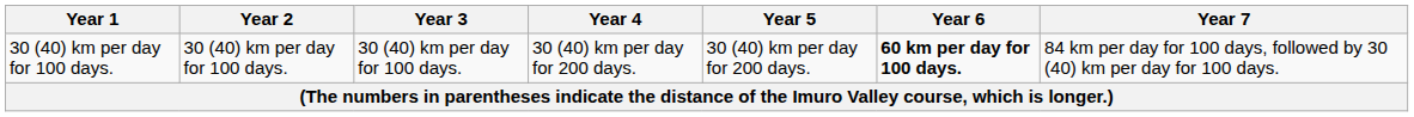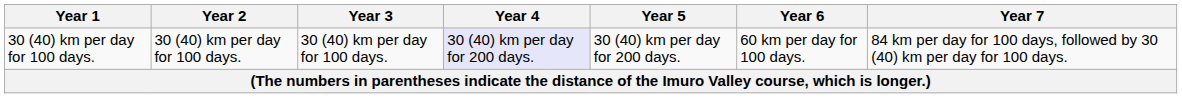 <table class="wikitable" border="1">
 <tr>
 <th>Year 1</th>
 <th>Year 2</th>
 <th>Year 3</th>
 <th>Year 4</th>
 <th>Year 5</th>
 <th>Year 6</th>
 <th>Year 7</th>
 </tr>
 <tr>
 <td>30 (40) km per day for 100 days.</td>
 <td>30 (40) km per day for 100 days.</td>
 <td>30 (40) km per day for 100 days.</td>
+<td style="background: lavender;">30 (40) km per day for 200 days.</td>
 <td>30 (40) km per day for 200 days.</td>
-<td>30 (40) km per day for 200 days.</td>
-<td><strong>60 km per day for 100 days.</strong></td>
+<td>60 km per day for 100 days.</td>
 <td>84 km per day for 100 days, followed by 30 (40) km per day for 100 days.</td>
 </tr>
 <tr>
 <th scope="col" colspan=7>(The numbers in parentheses indicate the distance of the Imuro Valley course, which is longer.)</th>
 </tr>
 </table>
